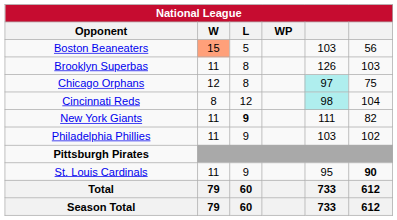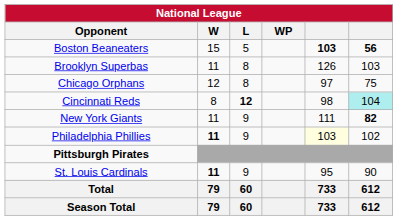 <table class="wikitable" style="font-size:95%; text-align:center; width:35em;margin: 0.5em auto;">
 <tr>
 <th colspan="7" style="background:#c60c30; color:#ffffff;">National League</th>
 </tr>
 <tr>
 <th>Opponent</th>
 <th>W</th>
 <th>L</th>
 <th>WP</th>
 <th></th>
 <th></th>
 </tr>
 <tr>
 <td><a href='#'>Boston Beaneaters</a></td>
-<td style="background: lightsalmon;">15</td>
+<td>15</td>
 <td>5</td>
 <td></td>
-<td>103</td>
-<td>56</td>
+<td><strong>103</strong></td>
+<td><strong>56</strong></td>
 </tr>
 <tr>
 <td><a href='#'>Brooklyn Superbas</a></td>
 <td>11</td>
 <td>8</td>
 <td></td>
 <td>126</td>
 <td>103</td>
 </tr>
 <tr>
 <td><a href='#'>Chicago Orphans</a></td>
 <td>12</td>
 <td>8</td>
 <td></td>
-<td style="background: paleturquoise;">97</td>
+<td>97</td>
 <td>75</td>
 </tr>
 <tr>
 <td><a href='#'>Cincinnati Reds</a></td>
 <td>8</td>
-<td>12</td>
+<td><strong>12</strong></td>
 <td></td>
-<td style="background: paleturquoise;">98</td>
-<td>104</td>
+<td>98</td>
+<td style="background: paleturquoise;">104</td>
 </tr>
 <tr>
 <td><a href='#'>New York Giants</a></td>
 <td>11</td>
-<td><strong>9</strong></td>
+<td>9</td>
 <td></td>
 <td>111</td>
-<td>82</td>
+<td><strong>82</strong></td>
 </tr>
 <tr>
 <td><a href='#'>Philadelphia Phillies</a></td>
-<td>11</td>
+<td><strong>11</strong></td>
 <td>9</td>
 <td></td>
-<td>103</td>
+<td style="background: lightyellow;">103</td>
 <td>102</td>
 </tr>
 <tr>
 <td><strong>Pittsburgh Pirates</strong></td>
 <td colspan=5 style="background:darkgray;"></td>
 </tr>
 <tr>
 <td><a href='#'>St. Louis Cardinals</a></td>
-<td>11</td>
+<td><strong>11</strong></td>
 <td>9</td>
 <td></td>
 <td>95</td>
-<td><strong>90</strong></td>
+<td>90</td>
 </tr>
 <tr>
 <th>Total</th>
 <th>79</th>
 <th>60</th>
 <th></th>
 <th>733</th>
 <th>612</th>
 </tr>
 <tr>
 <th>Season Total</th>
 <th>79</th>
 <th>60</th>
 <th></th>
 <th>733</th>
 <th>612</th>
 </tr>
 </table>
